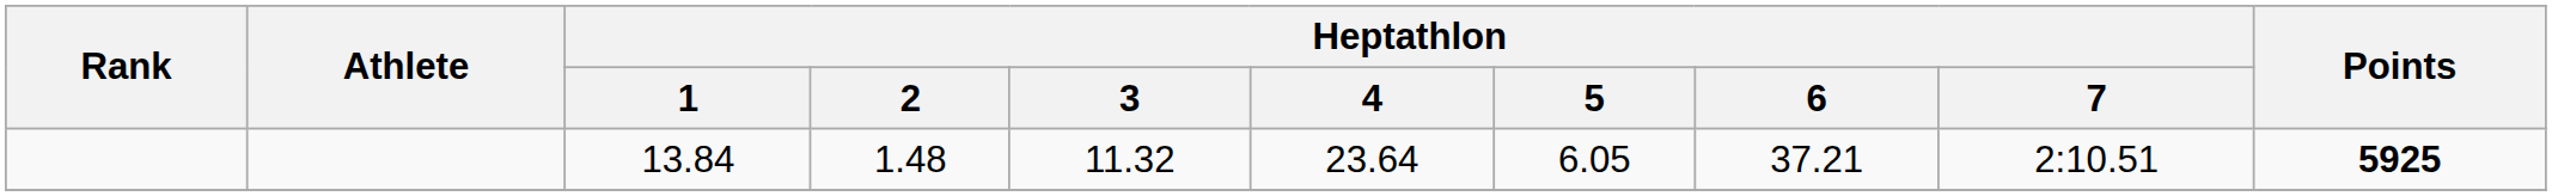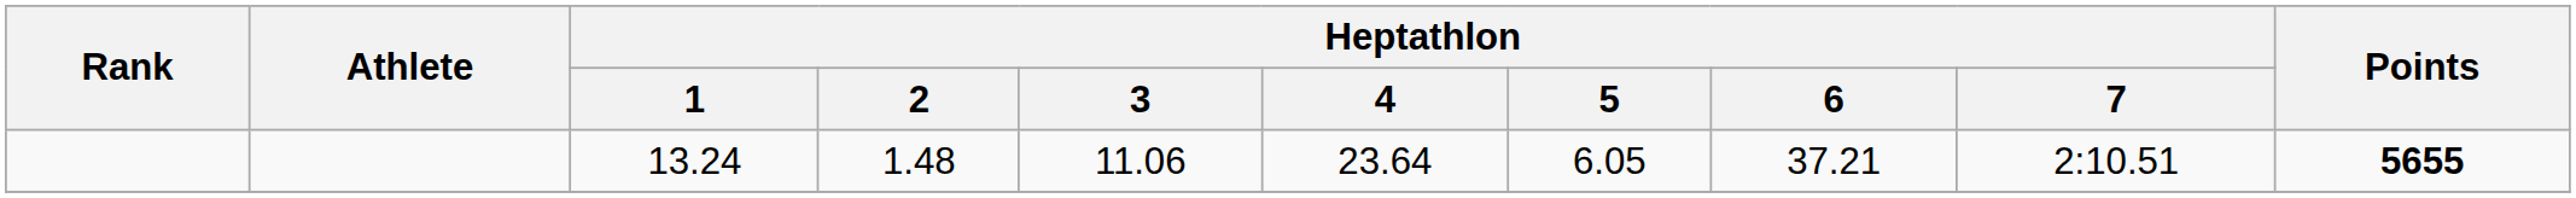 <table class="wikitable" style=" text-align:center; font-size:110%;" width="95%">
 <tr>
 <th rowspan="2">Rank</th>
 <th rowspan="2">Athlete</th>
 <th colspan="7">Heptathlon</th>
 <th rowspan="2">Points</th>
 </tr>
 <tr>
 <th>1</th>
 <th>2</th>
 <th>3</th>
 <th>4</th>
 <th>5</th>
 <th>6</th>
 <th>7</th>
 </tr>
 <tr>
 <td></td>
 <td align=left></td>
-<td>13.84</td>
+<td>13.24</td>
 <td>1.48</td>
-<td>11.32</td>
+<td>11.06</td>
 <td>23.64</td>
 <td>6.05</td>
 <td>37.21</td>
 <td>2:10.51</td>
-<td><strong>5925</strong></td>
+<td><strong>5655</strong></td>
 </tr>
 <tr>
 </tr>
 </table>
